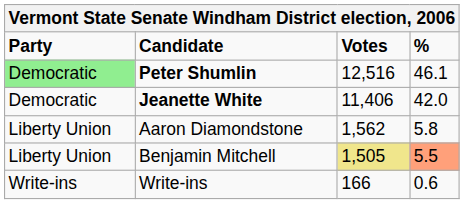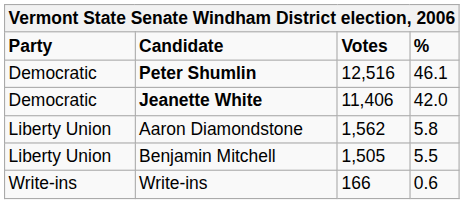 <table class="wikitable">
 <tr>
 <th colspan="4">Vermont State Senate Windham District election, 2006</th>
 </tr>
 <tr>
 <td><strong>Party</strong></td>
 <td><strong>Candidate</strong></td>
 <td><strong>Votes</strong></td>
 <td><strong>%</strong></td>
 </tr>
 <tr>
-<td style="background: lightgreen;">Democratic</td>
+<td>Democratic</td>
 <td><strong>Peter Shumlin</strong></td>
 <td>12,516</td>
 <td>46.1</td>
 </tr>
 <tr>
 <td>Democratic</td>
 <td><strong>Jeanette White</strong></td>
 <td>11,406</td>
 <td>42.0</td>
 </tr>
 <tr>
 <td>Liberty Union</td>
 <td>Aaron Diamondstone</td>
 <td>1,562</td>
 <td>5.8</td>
 </tr>
 <tr>
 <td>Liberty Union</td>
 <td>Benjamin Mitchell</td>
-<td style="background: khaki;">1,505</td>
-<td style="background: lightsalmon;">5.5</td>
+<td>1,505</td>
+<td>5.5</td>
 </tr>
 <tr>
 <td>Write-ins</td>
 <td>Write-ins</td>
 <td>166</td>
 <td>0.6</td>
 </tr>
 </table>
